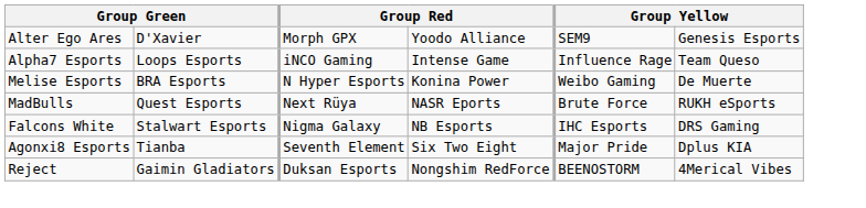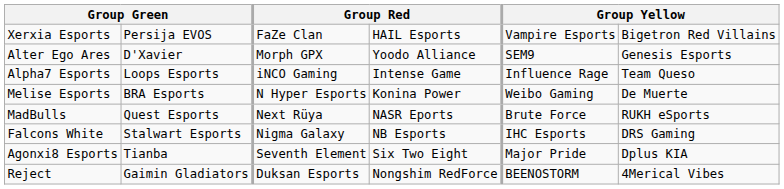 <table class="wikitable" style="text-align:left">
 <tr>
 <th colspan="2" style="text-align:center; border-right-width:3px !important">Group Green</th>
 <th colspan="2" style="text-align:center; border-right-width:3px !important">Group Red</th>
 <th colspan="2" style="text-align:center !important">Group Yellow</th>
+</tr>
+<tr>
+<td>Xerxia Esports</td>
+<td style="border-right-width:3px !important">Persija EVOS</td>
+<td>FaZe Clan</td>
+<td style="border-right-width:3px !important">HAIL Esports</td>
+<td>Vampire Esports</td>
+<td>Bigetron Red Villains</td>
 </tr>
 <tr>
 <td>Alter Ego Ares</td>
 <td style="border-right-width:3px !important">D'Xavier</td>
 <td>Morph GPX</td>
 <td style="border-right-width:3px !important">Yoodo Alliance</td>
 <td>SEM9</td>
 <td>Genesis Esports</td>
 </tr>
 <tr>
 <td>Alpha7 Esports</td>
 <td style="border-right-width:3px !important">Loops Esports</td>
 <td>iNCO Gaming</td>
 <td style="border-right-width:3px !important">Intense Game</td>
 <td>Influence Rage</td>
 <td>Team Queso</td>
 </tr>
 <tr>
 <td>Melise Esports</td>
 <td style="border-right-width:3px !important">BRA Esports</td>
 <td>N Hyper Esports</td>
 <td style="border-right-width:3px !important">Konina Power</td>
 <td>Weibo Gaming</td>
 <td>De Muerte</td>
 </tr>
 <tr>
 <td>MadBulls</td>
 <td style="border-right-width:3px !important">Quest Esports</td>
 <td>Next Rüya</td>
 <td style="border-right-width:3px !important">NASR Eports</td>
 <td>Brute Force</td>
 <td>RUKH eSports</td>
 </tr>
 <tr>
 <td>Falcons White</td>
 <td style="border-right-width:3px !important">Stalwart Esports</td>
 <td>Nigma Galaxy</td>
 <td style="border-right-width:3px !important">NB Esports</td>
 <td>IHC Esports</td>
 <td>DRS Gaming</td>
 </tr>
 <tr>
 <td>Agonxi8 Esports</td>
 <td style="border-right-width:3px !important">Tianba</td>
 <td>Seventh Element</td>
 <td style="border-right-width:3px !important">Six Two Eight</td>
 <td>Major Pride</td>
 <td>Dplus KIA</td>
 </tr>
 <tr>
 <td>Reject</td>
 <td style="border-right-width:3px !important">Gaimin Gladiators</td>
 <td>Duksan Esports</td>
 <td style="border-right-width:3px !important">Nongshim RedForce</td>
 <td>BEENOSTORM</td>
 <td>4Merical Vibes</td>
 </tr>
 </table>
